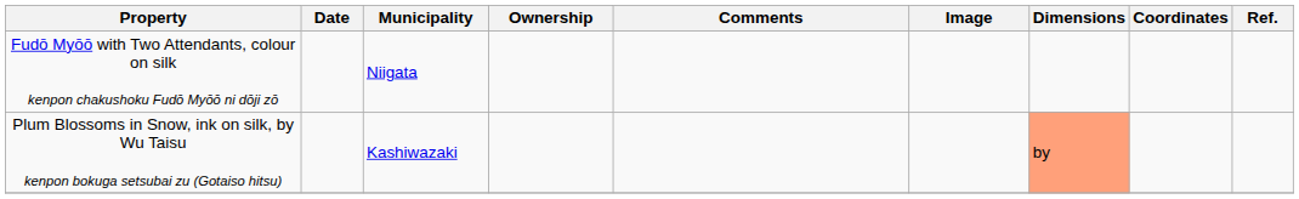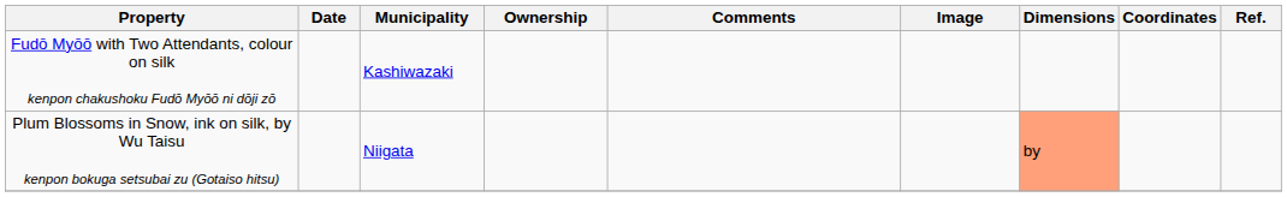 <table class="wikitable sortable"  style="width:100%;">
 <tr>
 <th width="25%" align="left">Property</th>
 <th width="5%" align="left" data-sort-type="number">Date</th>
 <th width="10%" align="left">Municipality</th>
 <th width="10%" align="left">Ownership</th>
 <th width="25%" align="left" class="unsortable">Comments</th>
 <th width="10%" align="left" class="unsortable">Image</th>
 <th width="5%" align="left" class="unsortable">Dimensions</th>
 <th width="5%" align="left" class="unsortable">Coordinates</th>
 <th width="5%" align="left" class="unsortable">Ref.</th>
 </tr>
 <tr>
 <td align="center"><a href='#'>Fudō Myōō</a> with Two Attendants, colour on silk<br><br><small><em>kenpon chakushoku Fudō Myōō ni dōji zō</em></small></td>
 <td></td>
-<td><a href='#'>Niigata</a></td>
+<td><a href='#'>Kashiwazaki</a></td>
 <td></td>
 <td></td>
 <td></td>
 <td></td>
 <td></td>
 <td></td>
 </tr>
 <tr>
 <td align="center">Plum Blossoms in Snow, ink on silk, by Wu Taisu<br><br><small><em>kenpon bokuga setsubai zu (Gotaiso hitsu)</em></small></td>
 <td></td>
-<td><a href='#'>Kashiwazaki</a></td>
+<td><a href='#'>Niigata</a></td>
 <td></td>
 <td></td>
 <td></td>
 <td style="background: lightsalmon;"> by </td>
 <td></td>
 <td></td>
 </tr>
 <tr>
 </tr>
 </table>
